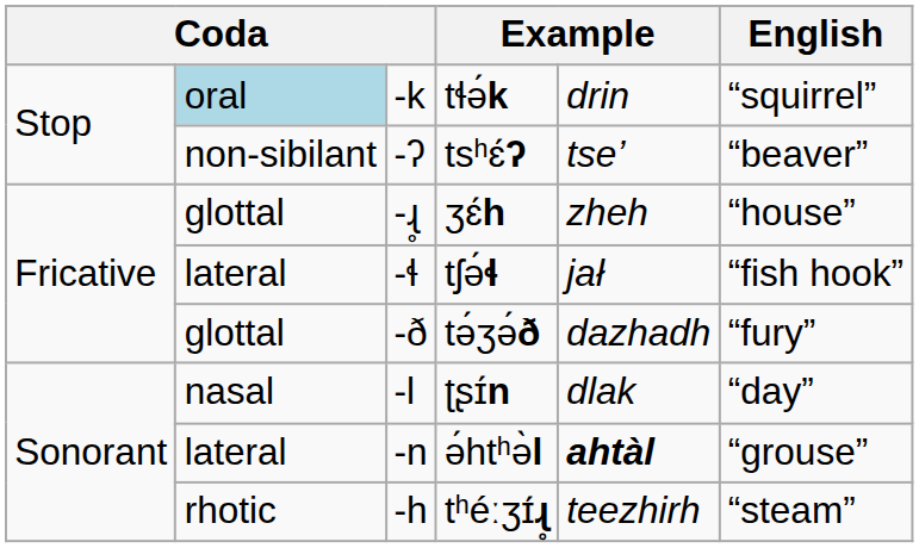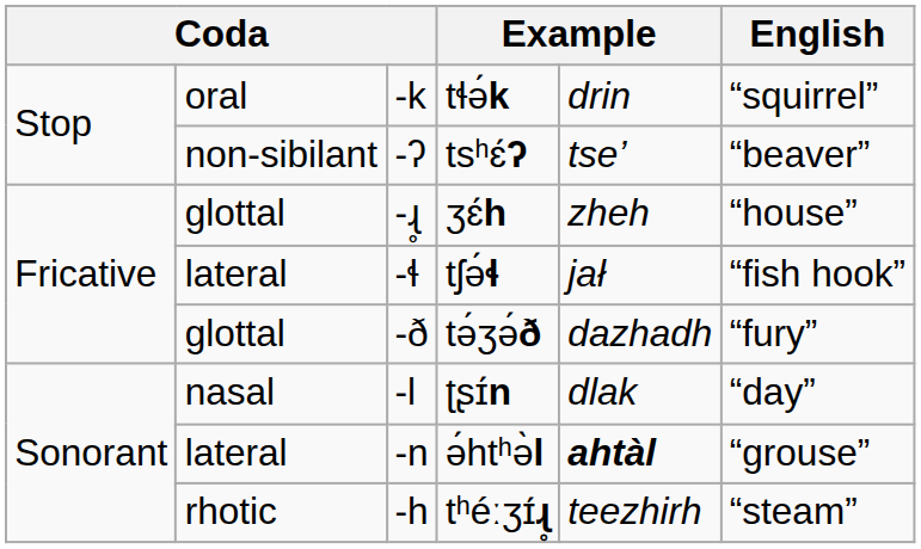 <table class="wikitable">
 <tr>
 <th colspan="3">Coda</th>
 <th colspan="2">Example</th>
 <th>English</th>
 </tr>
 <tr>
 <td rowspan="2">Stop</td>
-<td style="background: lightblue;">oral</td>
+<td>oral</td>
 <td>-k</td>
 <td>tɬə́<strong>k</strong></td>
 <td><em>drin</em></td>
 <td>“squirrel”</td>
 </tr>
 <tr>
 <td>non-sibilant</td>
 <td>-ʔ</td>
 <td>tsʰɛ́<strong>ʔ</strong></td>
 <td><em>tse’</em></td>
 <td>“beaver”</td>
 </tr>
 <tr>
 <td rowspan="3">Fricative</td>
 <td>glottal</td>
 <td>-ɻ̥</td>
 <td>ʒɛ́<strong>h</strong></td>
 <td><em>zheh</em></td>
 <td>“house”</td>
 </tr>
 <tr>
 <td>lateral</td>
 <td>-ɬ</td>
 <td>tʃə́<strong>ɬ</strong></td>
 <td><em>jał</em></td>
 <td>“fish hook”</td>
 </tr>
 <tr>
 <td>glottal</td>
 <td>-ð</td>
 <td>tə́ʒə́<strong>ð</strong></td>
 <td><em>dazhadh</em></td>
 <td>“fury”</td>
 </tr>
 <tr>
 <td rowspan="3">Sonorant</td>
 <td>nasal</td>
 <td>-l</td>
 <td>ʈʂɪ́<strong>n</strong></td>
 <td><em>dlak</em></td>
 <td>“day”</td>
 </tr>
 <tr>
 <td>lateral</td>
 <td>-n</td>
 <td>ə́htʰə̀<strong>l</strong></td>
 <td><strong><em>ahtàl</em></strong></td>
 <td>“grouse”</td>
 </tr>
 <tr>
 <td>rhotic</td>
 <td>-h</td>
 <td>tʰéːʒɪ́<strong>ɻ̥</strong></td>
 <td><em>teezhirh</em></td>
 <td>“steam”</td>
 </tr>
 </table>
